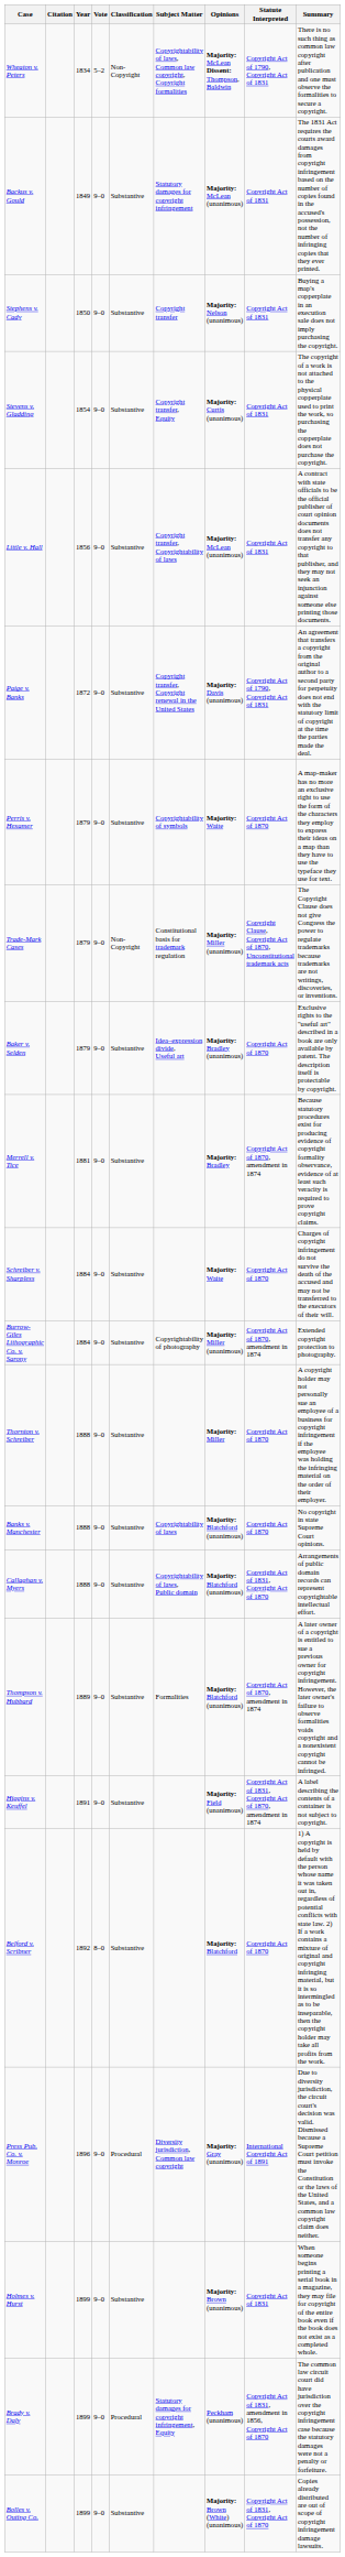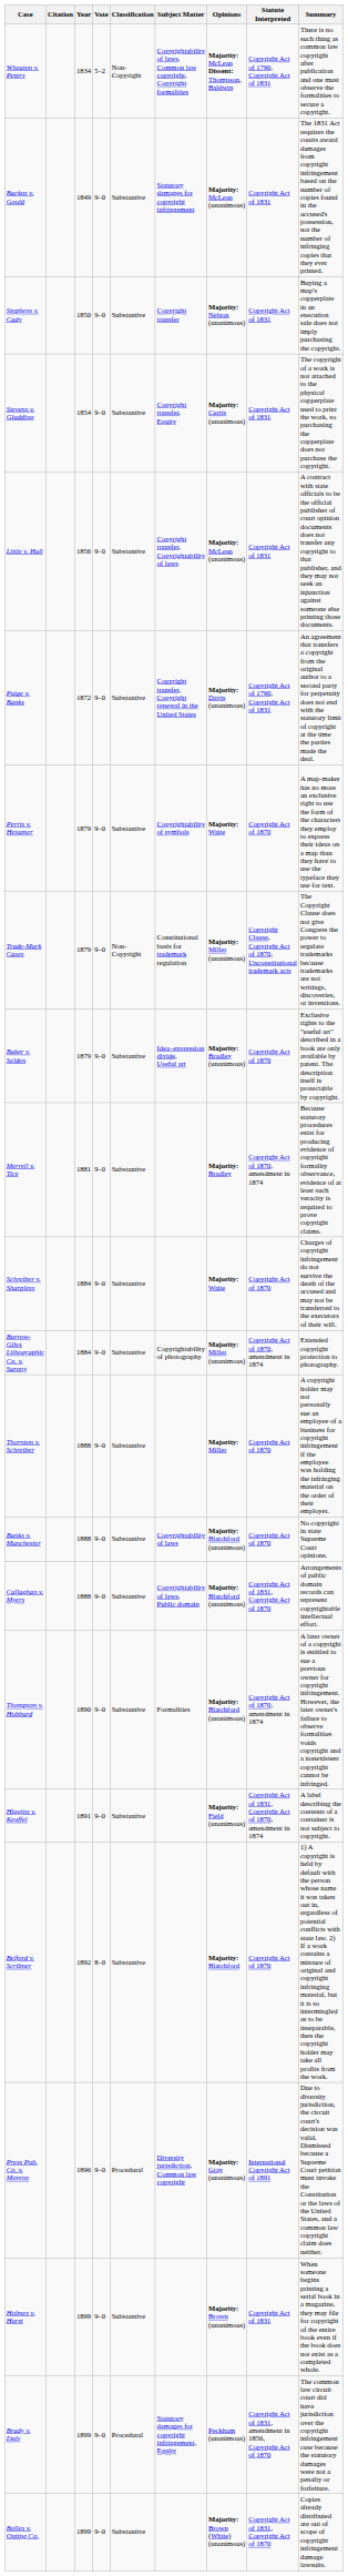 <table class="wikitable sortable" border="1">
 <tr>
 <th><strong>Case</strong></th>
 <th><strong>Citation</strong></th>
 <th><strong>Year</strong></th>
 <th><strong>Vote</strong></th>
 <th><strong>Classification</strong></th>
 <th class="unsortable"><strong>Subject Matter</strong></th>
 <th class="unsortable"><strong>Opinions</strong></th>
 <th class="unsortable" width="180"><strong>Statute Interpreted</strong></th>
 <th class="unsortable"><strong>Summary</strong></th>
 </tr>
 <tr>
 <td><em><a href='#'>Wheaton v. Peters</a></em></td>
 <td></td>
 <td>1834</td>
 <td>5–2</td>
 <td>Non-Copyright</td>
 <td><a href='#'>Copyrightability of laws</a>,<br><a href='#'>Common law copyright</a>,<br><a href='#'>Copyright formalities</a></td>
 <td><strong>Majority:</strong><br> <a href='#'>McLean</a> <br><strong>Dissent:</strong><br> <a href='#'>Thompson</a>, <a href='#'>Baldwin</a></td>
 <td><a href='#'>Copyright Act of 1790</a>,<br><a href='#'>Copyright Act of 1831</a></td>
 <td>There is no such thing as common law copyright after publication and one must observe the formalities to secure a copyright.</td>
 </tr>
 <tr>
 <td><em><a href='#'>Backus v. Gould</a></em></td>
 <td></td>
 <td>1849</td>
 <td>9–0</td>
 <td>Substantive</td>
 <td><a href='#'>Statutory damages for copyright infringement</a></td>
 <td><strong>Majority:</strong><br> <a href='#'>McLean</a> (unanimous)</td>
 <td><a href='#'>Copyright Act of 1831</a></td>
 <td>The 1831 Act requires the courts award damages from copyright infringement based on the number of copies found in the accused's possession, not the number of infringing copies that they ever printed.</td>
 </tr>
 <tr>
 <td><em><a href='#'>Stephens v. Cady</a></em></td>
 <td></td>
 <td>1850</td>
 <td>9–0</td>
 <td>Substantive</td>
 <td><a href='#'>Copyright transfer</a></td>
 <td><strong>Majority:</strong><br> <a href='#'>Nelson</a> (unanimous)</td>
 <td><a href='#'>Copyright Act of 1831</a></td>
 <td>Buying a map's copperplate in an execution sale does not imply purchasing the copyright.</td>
 </tr>
 <tr>
 <td><em><a href='#'>Stevens v. Gladding</a></em></td>
 <td></td>
 <td>1854</td>
 <td>9–0</td>
 <td>Substantive</td>
 <td><a href='#'>Copyright transfer</a>,<br><a href='#'>Equity</a></td>
 <td><strong>Majority:</strong><br> <a href='#'>Curtis</a> (unanimous)</td>
 <td><a href='#'>Copyright Act of 1831</a></td>
 <td>The copyright of a work is not attached to the physical copperplate used to print the work, so purchasing the copperplate does not purchase the copyright.</td>
 </tr>
 <tr>
 <td><em><a href='#'>Little v. Hall</a></em></td>
 <td></td>
 <td>1856</td>
 <td>9–0</td>
 <td>Substantive</td>
 <td><a href='#'>Copyright transfer</a>,<br><a href='#'>Copyrightability of laws</a></td>
 <td><strong>Majority:</strong><br> <a href='#'>McLean</a> (unanimous)</td>
 <td><a href='#'>Copyright Act of 1831</a></td>
 <td>A contract with state officials to be the official publisher of court opinion documents does not transfer any copyright to that publisher, and they may not seek an injunction against someone else printing those documents.</td>
 </tr>
 <tr>
 <td><em><a href='#'>Paige v. Banks</a></em></td>
 <td></td>
 <td>1872</td>
 <td>9–0</td>
 <td>Substantive</td>
 <td><a href='#'>Copyright transfer</a>,<br><a href='#'>Copyright renewal in the United States</a></td>
 <td><strong>Majority:</strong><br> <a href='#'>Davis</a> (unanimous)</td>
 <td><a href='#'>Copyright Act of 1790</a>,<br><a href='#'>Copyright Act of 1831</a></td>
 <td>An agreement that transfers a copyright from the original author to a second party for perpetuity does not end with the statutory limit of copyright at the time the parties made the deal.</td>
 </tr>
 <tr>
 <td><em><a href='#'>Perris v. Hexamer</a></em></td>
 <td></td>
 <td>1879</td>
 <td>9–0</td>
 <td>Substantive</td>
 <td><a href='#'>Copyrightability of symbols</a></td>
 <td><strong>Majority:</strong><br> <a href='#'>Waite</a></td>
 <td><a href='#'>Copyright Act of 1870</a></td>
 <td><br>A map-maker has no more an exclusive right to use the form of the characters they employ to express their ideas on a map than they have to use the typeface they use for text.</td>
 </tr>
 <tr>
 <td><em><a href='#'>Trade-Mark Cases</a></em></td>
 <td></td>
 <td>1879</td>
 <td>9–0</td>
 <td>Non-Copyright</td>
 <td>Constitutional basis for <a href='#'>trademark</a> regulation</td>
 <td><strong>Majority:</strong><br> <a href='#'>Miller</a> (unanimous)</td>
 <td><a href='#'>Copyright Clause</a>,<br><a href='#'>Copyright Act of 1870</a>,<br><a href='#'>Unconstitutional trademark acts</a></td>
 <td>The Copyright Clause does not give Congress the power to regulate trademarks because trademarks are not writings, discoveries, or inventions.</td>
 </tr>
 <tr>
 <td><em><a href='#'>Baker v. Selden</a></em></td>
 <td></td>
 <td>1879</td>
 <td>9–0</td>
 <td>Substantive</td>
 <td><a href='#'>Idea–expression divide</a>,<br><a href='#'>Useful art</a></td>
 <td><strong>Majority:</strong><br> <a href='#'>Bradley</a> (unanimous)</td>
 <td><a href='#'>Copyright Act of 1870</a></td>
 <td>Exclusive rights to the "useful art" described in a book are only available by patent. The description itself is protectable by copyright.</td>
 </tr>
 <tr>
 <td><em><a href='#'>Merrell v. Tice</a></em></td>
 <td></td>
 <td>1881</td>
 <td>9–0</td>
 <td>Substantive</td>
 <td></td>
 <td><strong>Majority:</strong><br> <a href='#'>Bradley</a></td>
 <td><a href='#'>Copyright Act of 1870</a>, amendment in 1874</td>
 <td>Because statutory procedures exist for producing evidence of copyright formality observance, evidence of at least such veracity is required to prove copyright claims.</td>
 </tr>
 <tr>
 <td><em><a href='#'>Schreiber v. Sharpless</a></em></td>
 <td></td>
 <td>1884</td>
 <td>9–0</td>
 <td>Substantive</td>
 <td></td>
 <td><strong>Majority:</strong><br> <a href='#'>Waite</a></td>
 <td><a href='#'>Copyright Act of 1870</a></td>
 <td>Charges of copyright infringement do not survive the death of the accused and may not be transferred to the executors of their will.</td>
 </tr>
 <tr>
 <td><em><a href='#'>Burrow-Giles Lithographic Co. v. Sarony</a></em></td>
 <td></td>
 <td>1884</td>
 <td>9–0</td>
 <td>Substantive</td>
 <td>Copyrightability of photography</td>
 <td><strong>Majority:</strong><br> <a href='#'>Miller</a> (unanimous)</td>
 <td><a href='#'>Copyright Act of 1870</a>, amendment in 1874</td>
 <td>Extended copyright protection to photography.</td>
 </tr>
 <tr>
 <td><em><a href='#'>Thornton v. Schreiber</a></em></td>
 <td></td>
 <td>1888</td>
 <td>9–0</td>
 <td>Substantive</td>
 <td></td>
 <td><strong>Majority:</strong><br> <a href='#'>Miller</a></td>
 <td><a href='#'>Copyright Act of 1870</a></td>
 <td>A copyright holder may not personally sue an employee of a business for copyright infringement if the employee was holding the infringing material on the order of their employer.</td>
 </tr>
 <tr>
 <td><em><a href='#'>Banks v. Manchester</a></em></td>
 <td></td>
 <td>1888</td>
 <td>9–0</td>
 <td>Substantive</td>
 <td><a href='#'>Copyrightability of laws</a></td>
 <td><strong>Majority:</strong><br> <a href='#'>Blatchford</a> (unanimous)</td>
 <td><a href='#'>Copyright Act of 1870</a></td>
 <td>No copyright in state Supreme Court opinions.</td>
 </tr>
 <tr>
 <td><em><a href='#'>Callaghan v. Myers</a></em></td>
 <td></td>
 <td>1888</td>
 <td>9–0</td>
 <td>Substantive</td>
 <td><a href='#'>Copyrightability of laws</a>,<br><a href='#'>Public domain</a></td>
 <td><strong>Majority:</strong><br> <a href='#'>Blatchford</a> (unanimous)</td>
 <td><a href='#'>Copyright Act of 1831</a>,<br><a href='#'>Copyright Act of 1870</a></td>
 <td>Arrangements of public domain records can represent copyrightable intellectual effort.</td>
 </tr>
 <tr>
 <td><em><a href='#'>Thompson v. Hubbard</a></em></td>
 <td></td>
-<td>1889</td>
+<td>1890</td>
 <td>9–0</td>
 <td>Substantive</td>
 <td>Formalities</td>
 <td><strong>Majority:</strong><br> <a href='#'>Blatchford</a> (unanimous)</td>
 <td><a href='#'>Copyright Act of 1870</a>, amendment in 1874</td>
 <td>A later owner of a copyright is entitled to sue a previous owner for copyright infringement. However, the later owner's failure to observe formalities voids copyright and a nonexistent copyright cannot be infringed.</td>
 </tr>
 <tr>
 <td><em><a href='#'>Higgins v. Keuffel</a></em></td>
 <td></td>
 <td>1891</td>
 <td>9–0</td>
 <td>Substantive</td>
 <td></td>
 <td><strong>Majority:</strong><br> <a href='#'>Field</a> (unanimous)</td>
 <td><a href='#'>Copyright Act of 1831</a>,<br><a href='#'>Copyright Act of 1870</a>,<br>amendment in 1874</td>
 <td>A label describing the contents of a container is not subject to copyright.</td>
 </tr>
 <tr>
 <td><em><a href='#'>Belford v. Scribner</a></em></td>
 <td></td>
 <td>1892</td>
 <td>8–0</td>
 <td>Substantive</td>
 <td></td>
 <td><strong>Majority:</strong><br> <a href='#'>Blatchford</a></td>
 <td><a href='#'>Copyright Act of 1870</a></td>
 <td>1) A copyright is held by default with the person whose name it was taken out in, regardless of potential conflicts with state law. 2) If a work contains a mixture of original and copyright infringing material, but it is so intermingled as to be inseparable, then the copyright holder may take all profits from the work.</td>
 </tr>
 <tr>
 <td><em><a href='#'>Press Pub. Co. v. Monroe</a></em></td>
 <td></td>
 <td>1896</td>
 <td>9–0</td>
 <td>Procedural</td>
 <td><a href='#'>Diversity jurisdiction</a>,<br><a href='#'>Common law copyright</a></td>
 <td><strong>Majority:</strong><br> <a href='#'>Gray</a> (unanimous)</td>
 <td><a href='#'>International Copyright Act of 1891</a></td>
 <td>Due to diversity jurisdiction, the circuit court's decision was valid. Dismissed because a Supreme Court petition must invoke the Constitution or the laws of the United States, and a common law copyright claim does neither.</td>
 </tr>
 <tr>
 <td><em><a href='#'>Holmes v. Hurst</a></em></td>
 <td></td>
 <td>1899</td>
 <td>9–0</td>
 <td>Substantive</td>
 <td></td>
 <td><strong>Majority:</strong><br> <a href='#'>Brown</a> (unanimous)</td>
 <td><a href='#'>Copyright Act of 1831</a></td>
 <td>When someone begins printing a serial book in a magazine, they may file for copyright of the entire book even if the book does not exist as a completed whole.</td>
 </tr>
 <tr>
 <td><em><a href='#'>Brady v. Daly</a></em></td>
 <td></td>
 <td>1899</td>
 <td>9–0</td>
 <td>Procedural</td>
 <td><a href='#'>Statutory damages for copyright infringement</a>, <a href='#'>Equity</a></td>
 <td><a href='#'>Peckham</a> (unanimous)</td>
 <td><a href='#'>Copyright Act of 1831</a>,<br>amendment in 1856,<br><a href='#'>Copyright Act of 1870</a></td>
 <td>The common law circuit court did have jurisdiction over the copyright infringement case because the statutory damages were not a penalty or forfeiture.</td>
 </tr>
 <tr>
 <td><em><a href='#'>Bolles v. Outing Co.</a></em></td>
 <td></td>
 <td>1899</td>
 <td>9–0</td>
 <td>Substantive</td>
 <td></td>
 <td><strong>Majority:</strong><br> <a href='#'>Brown</a> (<a href='#'>White</a>) (unanimous)</td>
 <td><a href='#'>Copyright Act of 1831</a>,<br><a href='#'>Copyright Act of 1870</a></td>
 <td>Copies already distributed are out of scope of copyright infringement damage lawsuits.</td>
 </tr>
 </table>
